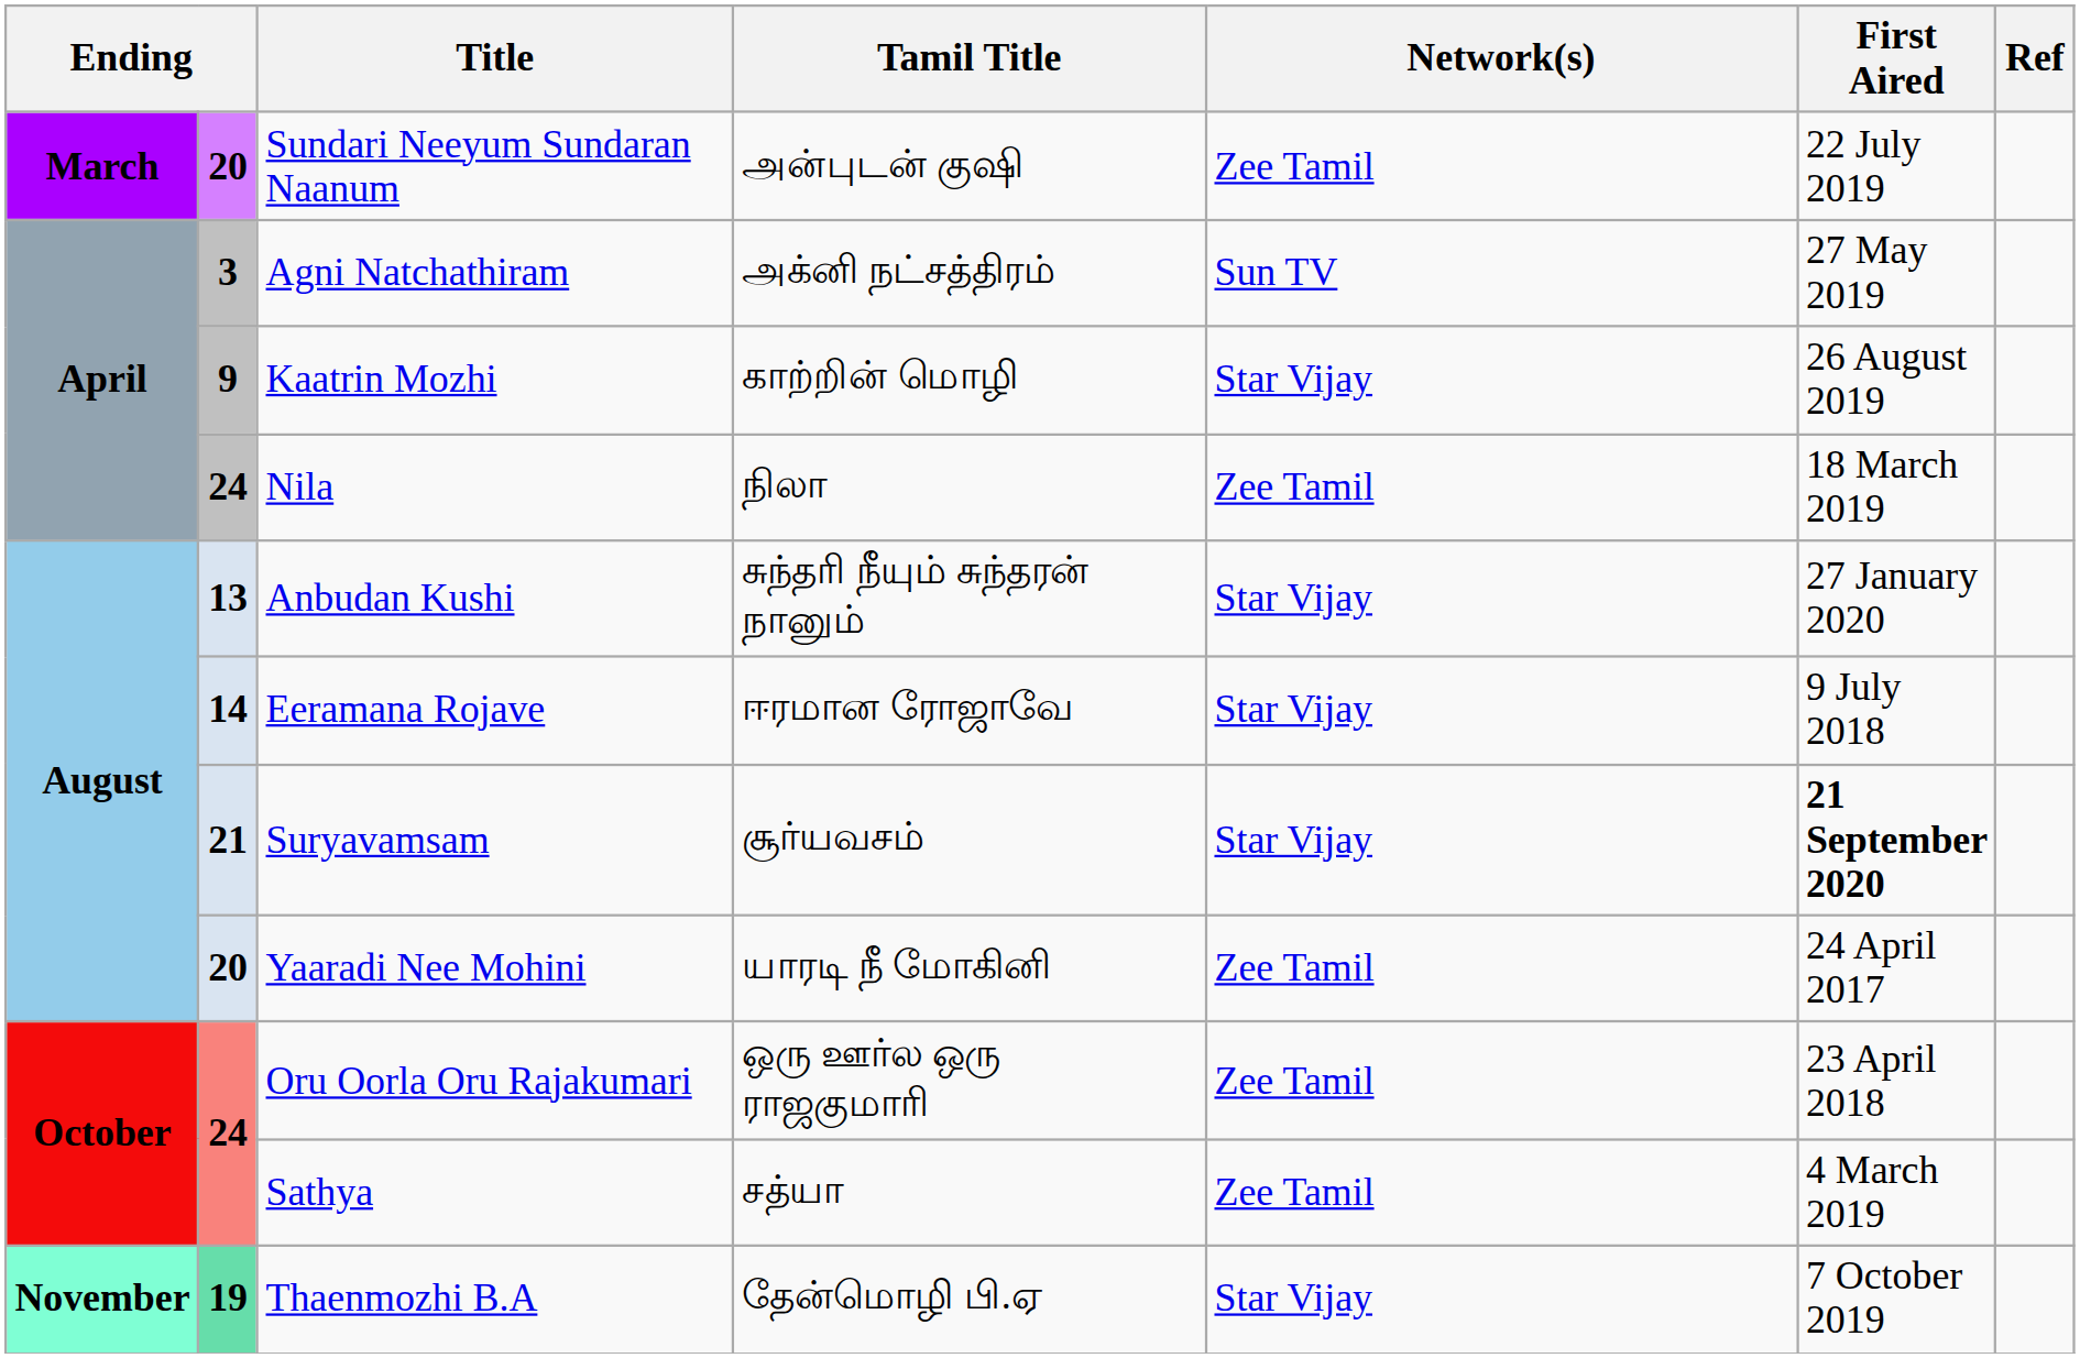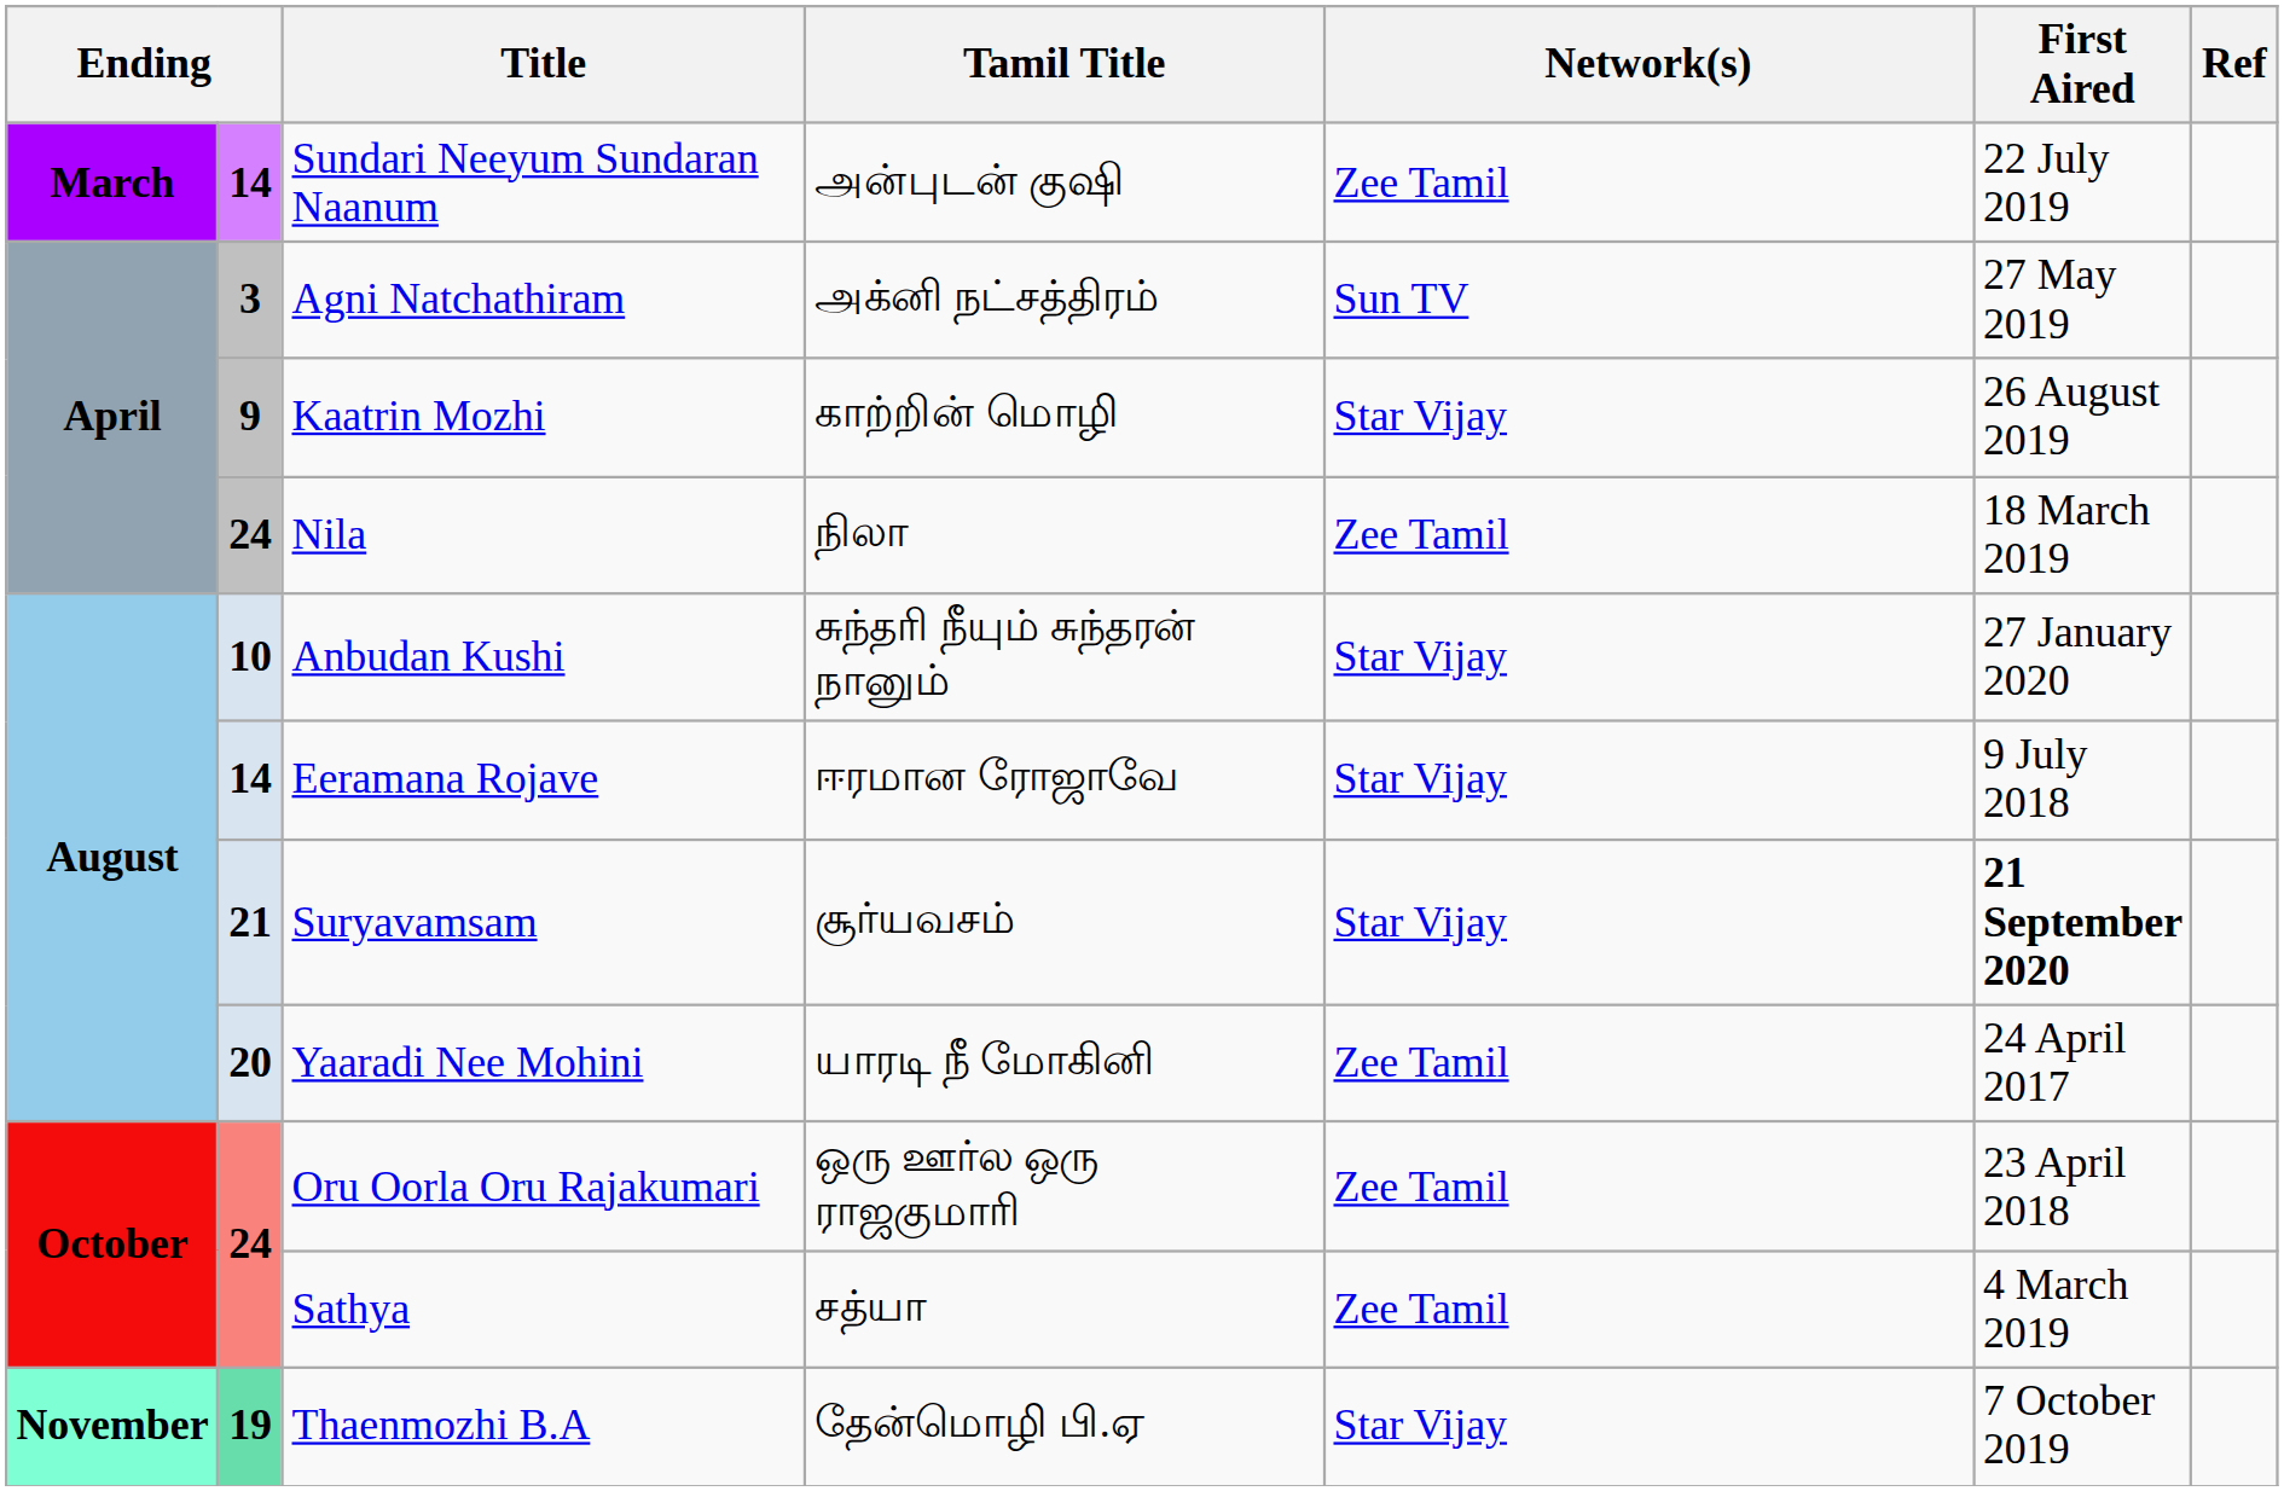 <table class="wikitable" width="95%">
 <tr>
 <th colspan="2">Ending</th>
 <th style="width:30%;">Title</th>
 <th style="width:30%;">Tamil Title</th>
 <th style="width:40%;">Network(s)</th>
 <th style="width:20%;">First Aired</th>
 <th>Ref</th>
 </tr>
 <tr>
 <td rowspan="1" style="text-align:center; background:#a0f; textcolor:#d580ff;"><strong>March</strong></td>
-<td style="text-align:center; background:#d580ff"><strong>20</strong></td>
+<td style="text-align:center; background:#d580ff"><strong>14</strong></td>
 <td><a href='#'>Sundari Neeyum Sundaran Naanum</a></td>
 <td>அன்புடன் குஷி</td>
 <td><a href='#'>Zee Tamil</a></td>
 <td>22 July 2019</td>
 <td></td>
 </tr>
 <tr>
 <td rowspan="3" style="text-align:center; background:#91a3b0; textcolor:#000;"><strong>April</strong></td>
 <td style="text-align:center; background:silver"><strong>3</strong></td>
 <td><a href='#'>Agni Natchathiram</a></td>
 <td>அக்னி நட்சத்திரம்</td>
 <td><a href='#'>Sun TV</a></td>
 <td>27 May 2019</td>
 <td></td>
 </tr>
 <tr>
 <td style="text-align:center; background:silver"><strong>9</strong></td>
 <td><a href='#'>Kaatrin Mozhi</a></td>
 <td>காற்றின் மொழி</td>
 <td><a href='#'>Star Vijay</a></td>
 <td>26 August 2019</td>
 <td></td>
 </tr>
 <tr>
 <td style="text-align:center; background:silver"><strong>24</strong></td>
 <td><a href='#'>Nila</a></td>
 <td>நிலா</td>
 <td><a href='#'>Zee Tamil</a></td>
 <td>18 March 2019</td>
 <td></td>
 </tr>
 <tr>
 <td rowspan="4" style="text-align:center; background:#93CCEA; textcolor:#d580ff;"><strong>August</strong></td>
-<td style="text-align:center; background:#d9e4f1;"><strong>13</strong></td>
+<td style="text-align:center; background:#d9e4f1;"><strong>10</strong></td>
 <td><a href='#'>Anbudan Kushi</a></td>
 <td>சுந்தரி நீயும் சுந்தரன் நானும்</td>
 <td><a href='#'>Star Vijay</a></td>
 <td>27 January 2020</td>
 <td></td>
 </tr>
 <tr>
 <td style="text-align:center; background:#d9e4f1;"><strong>14</strong></td>
 <td><a href='#'>Eeramana Rojave</a></td>
 <td>ஈரமான ரோஜாவே</td>
 <td><a href='#'>Star Vijay</a></td>
 <td>9 July 2018</td>
 <td></td>
 </tr>
 <tr>
 <td style="text-align:center; background:#d9e4f1;"><strong>21</strong></td>
 <td><a href='#'>Suryavamsam</a></td>
 <td>சூர்யவசம்</td>
 <td><a href='#'>Star Vijay</a></td>
 <td><strong>21 September 2020</strong></td>
 <td></td>
 </tr>
 <tr>
 <td style="text-align:center; background:#d9e4f1;"><strong>20</strong></td>
 <td><a href='#'>Yaaradi Nee Mohini</a></td>
 <td>யாரடி நீ மோகினி</td>
 <td><a href='#'>Zee Tamil</a></td>
 <td>24 April 2017</td>
 <td></td>
 </tr>
 <tr>
 <td rowspan="2" style="text-align:center; background:#f40b0b; textcolor:#000;"><strong>October</strong></td>
 <td rowspan="2" style="text-align:center;background:#f9827c;"><strong>24</strong></td>
 <td><a href='#'>Oru Oorla Oru Rajakumari</a></td>
 <td>ஒரு ஊர்ல ஒரு ராஜகுமாரி</td>
 <td><a href='#'>Zee Tamil</a></td>
 <td>23 April 2018</td>
 <td></td>
 </tr>
 <tr>
 <td><a href='#'>Sathya</a></td>
 <td>சத்யா</td>
 <td><a href='#'>Zee Tamil</a></td>
 <td>4 March 2019</td>
 <td></td>
 </tr>
 <tr>
 <td rowspan="1" style="text-align:center; background:#7FFFD4; textcolor:#000;"><strong>November</strong></td>
 <td style="text-align:center; background:#6da;"><strong>19</strong></td>
 <td><a href='#'>Thaenmozhi B.A</a></td>
 <td>தேன்மொழி பி.ஏ</td>
 <td><a href='#'>Star Vijay</a></td>
 <td>7 October 2019</td>
 <td></td>
 </tr>
 <tr>
 </tr>
 </table>
